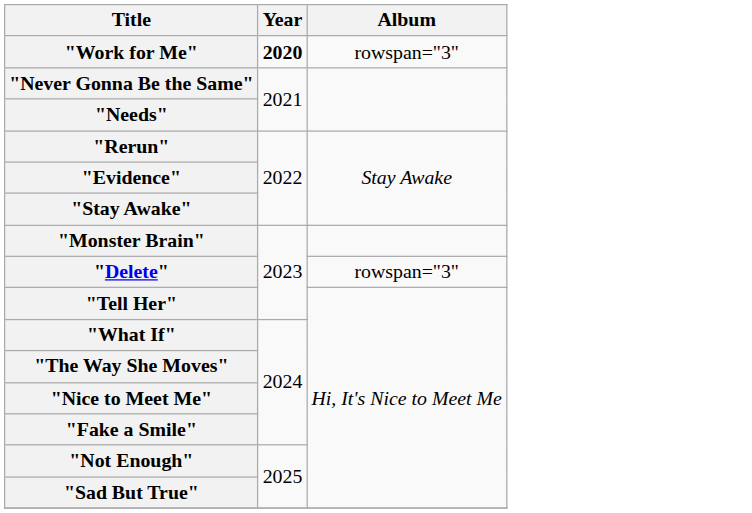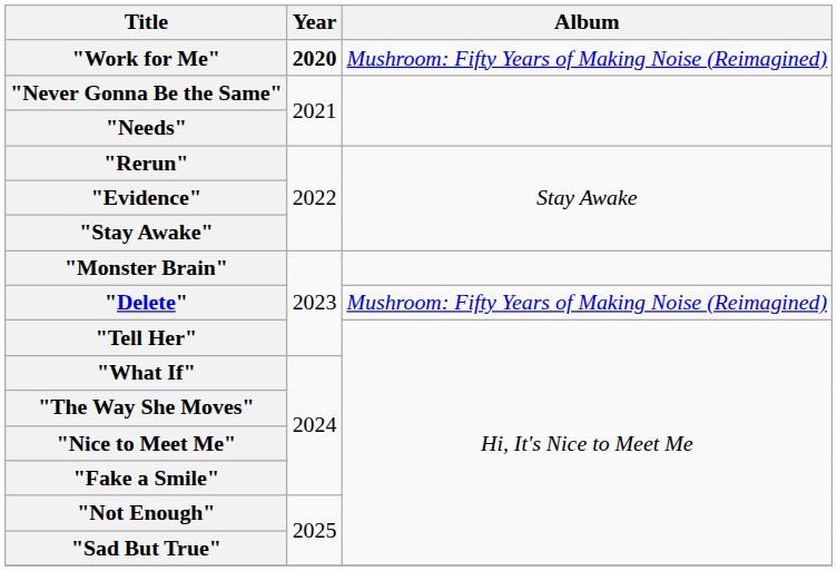 <table class="wikitable plainrowheaders" style="text-align:center;">
 <tr>
 <th scope="col">Title</th>
 <th scope="col">Year</th>
 <th scope="col">Album</th>
 </tr>
 <tr>
 <th scope="row">"Work for Me"</th>
 <td><strong>2020</strong></td>
-<td>rowspan="3" </td>
+<td><em><a href='#'>Mushroom: Fifty Years of Making Noise (Reimagined)</a></em></td>
 </tr>
 <tr>
 <th scope="row">"Never Gonna Be the Same"</th>
 <td rowspan="2">2021</td>
 </tr>
 <tr>
 <th scope="row">"Needs"</th>
 </tr>
 <tr>
 <th scope="row">"Rerun"</th>
 <td rowspan="3">2022</td>
 <td rowspan="3"><em>Stay Awake</em></td>
 </tr>
 <tr>
 <th scope="row">"Evidence"</th>
 </tr>
 <tr>
 <th scope="row">"Stay Awake"</th>
 </tr>
 <tr>
 <th scope="row">"Monster Brain"</th>
 <td rowspan="3">2023</td>
 <td></td>
 </tr>
 <tr>
 <th scope="row">"<a href='#'>Delete</a>"<br></th>
-<td>rowspan="3" </td>
+<td><em><a href='#'>Mushroom: Fifty Years of Making Noise (Reimagined)</a></em></td>
 </tr>
 <tr>
 <th scope="row">"Tell Her"</th>
 <td rowspan="7"><em>Hi, It's Nice to Meet Me</em></td>
 </tr>
 <tr>
 <th scope="row">"What If"</th>
 <td rowspan="4">2024</td>
 </tr>
 <tr>
 <th scope="row">"The Way She Moves"</th>
 </tr>
 <tr>
 <th scope="row">"Nice to Meet Me"</th>
 </tr>
 <tr>
 <th scope="row">"Fake a Smile"</th>
 </tr>
 <tr>
 <th scope="row">"Not Enough"</th>
 <td rowspan="2">2025</td>
 </tr>
 <tr>
 <th scope="row">"Sad But True"</th>
 </tr>
 <tr>
 </tr>
 </table>
